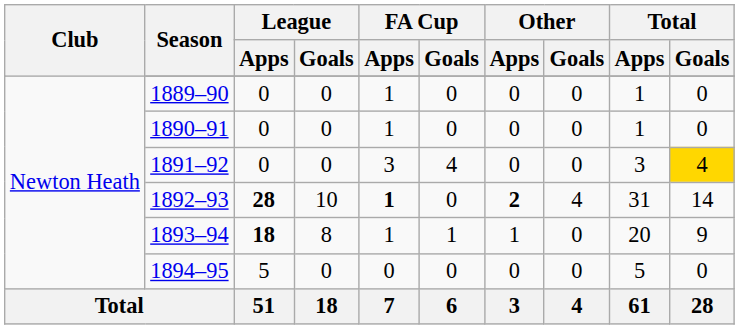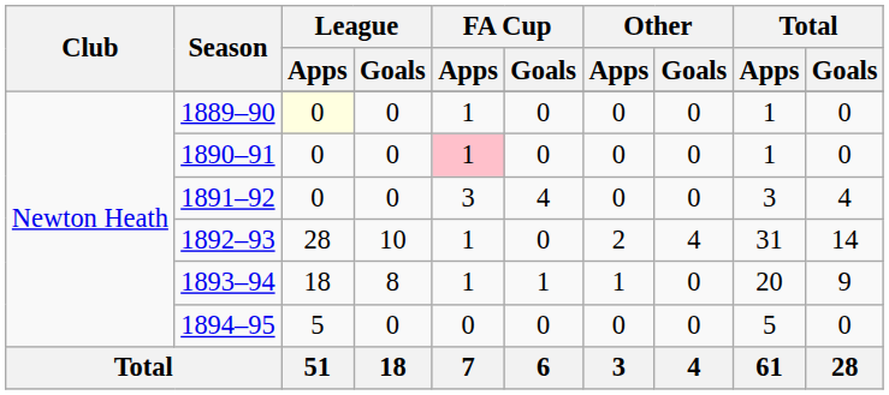 <table class="wikitable" style="text-align:center">
 <tr>
 <th rowspan="2">Club</th>
 <th rowspan="2">Season</th>
 <th colspan="2">League</th>
 <th colspan="2">FA Cup</th>
 <th colspan="2">Other</th>
 <th colspan="2">Total</th>
 </tr>
 <tr>
 <th>Apps</th>
 <th>Goals</th>
 <th>Apps</th>
 <th>Goals</th>
 <th>Apps</th>
 <th>Goals</th>
 <th>Apps</th>
 <th>Goals</th>
 </tr>
 <tr>
 <td rowspan="7"><a href='#'>Newton Heath</a></td>
 </tr>
 <tr>
 <td><a href='#'>1889–90</a></td>
-<td>0</td>
+<td style="background: lightyellow;">0</td>
 <td>0</td>
 <td>1</td>
 <td>0</td>
 <td>0</td>
 <td>0</td>
 <td>1</td>
 <td>0</td>
 </tr>
 <tr>
 <td><a href='#'>1890–91</a></td>
 <td>0</td>
 <td>0</td>
-<td>1</td>
+<td style="background: pink;">1</td>
 <td>0</td>
 <td>0</td>
 <td>0</td>
 <td>1</td>
 <td>0</td>
 </tr>
 <tr>
 <td><a href='#'>1891–92</a></td>
 <td>0</td>
 <td>0</td>
 <td>3</td>
 <td>4</td>
 <td>0</td>
 <td>0</td>
 <td>3</td>
-<td style="background: gold;">4</td>
+<td>4</td>
 </tr>
 <tr>
 <td><a href='#'>1892–93</a></td>
-<td><strong>28</strong></td>
+<td>28</td>
 <td>10</td>
-<td><strong>1</strong></td>
+<td>1</td>
 <td>0</td>
-<td><strong>2</strong></td>
+<td>2</td>
 <td>4</td>
 <td>31</td>
 <td>14</td>
 </tr>
 <tr>
 <td><a href='#'>1893–94</a></td>
-<td><strong>18</strong></td>
+<td>18</td>
 <td>8</td>
 <td>1</td>
 <td>1</td>
 <td>1</td>
 <td>0</td>
 <td>20</td>
 <td>9</td>
 </tr>
 <tr>
 <td><a href='#'>1894–95</a></td>
 <td>5</td>
 <td>0</td>
 <td>0</td>
 <td>0</td>
 <td>0</td>
 <td>0</td>
 <td>5</td>
 <td>0</td>
 </tr>
 <tr>
 <th colspan=2>Total</th>
 <th>51</th>
 <th>18</th>
 <th>7</th>
 <th>6</th>
 <th>3</th>
 <th>4</th>
 <th>61</th>
 <th>28</th>
 </tr>
 </table>
